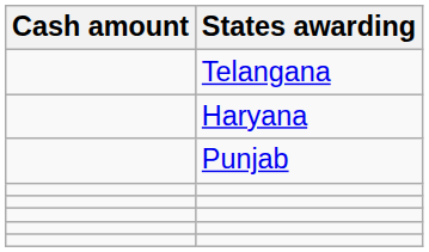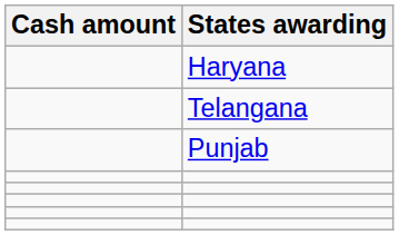 <table class="wikitable sortable">
 <tr>
 <th>Cash amount</th>
 <th>States awarding</th>
 </tr>
 <tr>
 <td></td>
-<td><a href='#'>Telangana</a></td>
+<td><a href='#'>Haryana</a></td>
 </tr>
 <tr>
 <td></td>
-<td><a href='#'>Haryana</a></td>
+<td><a href='#'>Telangana</a></td>
 </tr>
 <tr>
 <td></td>
 <td><a href='#'>Punjab</a></td>
 </tr>
 <tr>
 <td></td>
 <td></td>
 </tr>
 <tr>
 <td></td>
 <td></td>
 </tr>
 <tr>
 <td></td>
 <td></td>
 </tr>
 <tr>
 <td></td>
 <td></td>
 </tr>
 <tr>
 <td></td>
 <td></td>
 </tr>
 </table>
